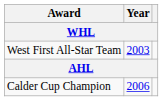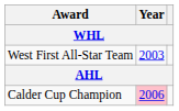 <table class="wikitable">
 <tr>
 <th>Award</th>
 <th>Year</th>
 <th></th>
 </tr>
 <tr>
 <th colspan="3"><a href='#'>WHL</a></th>
 </tr>
 <tr>
 <td>West First All-Star Team</td>
 <td><a href='#'>2003</a></td>
 <td></td>
 </tr>
 <tr>
 <th colspan="3"><a href='#'>AHL</a></th>
 </tr>
 <tr>
 <td>Calder Cup Champion</td>
-<td><a href='#'>2006</a></td>
+<td style="background: pink;"><a href='#'>2006</a></td>
 <td></td>
 </tr>
 </table>
